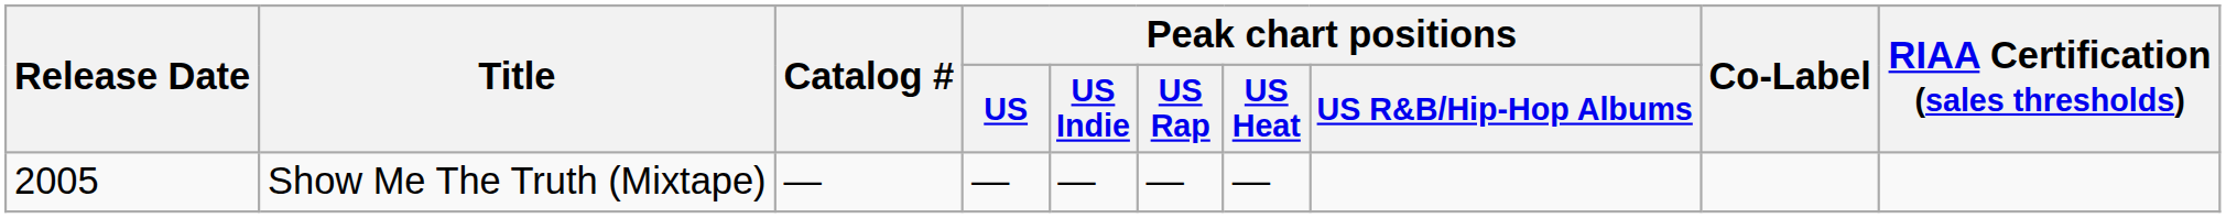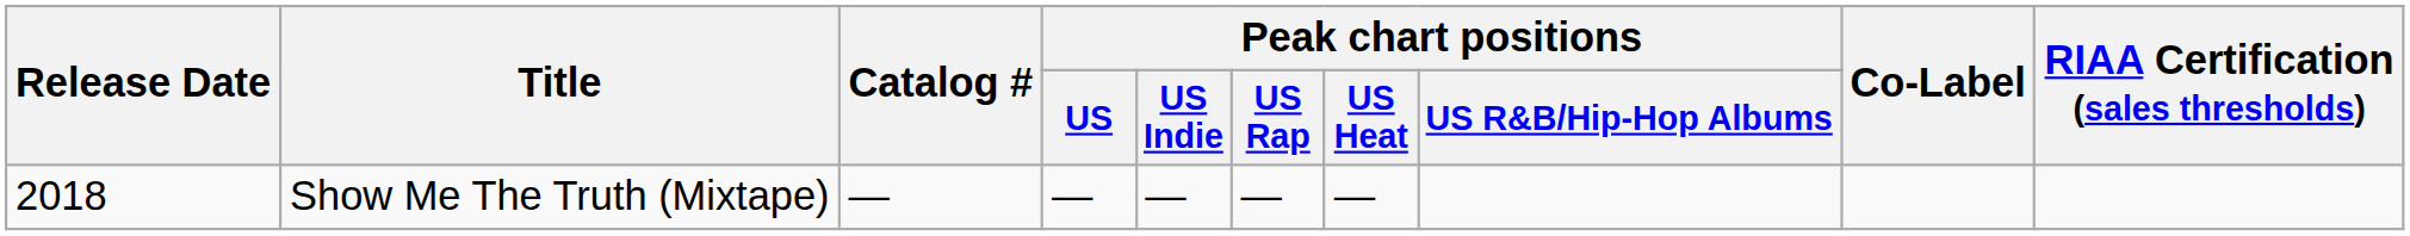 <table class="wikitable">
 <tr>
 <th rowspan="2">Release Date</th>
 <th rowspan="2">Title</th>
 <th rowspan="2">Catalog #</th>
 <th colspan="5">Peak chart positions</th>
 <th rowspan="2">Co-Label</th>
 <th rowspan="2"><a href='#'>RIAA</a> Certification<br><small>(<a href='#'>sales thresholds</a>)</small></th>
 </tr>
 <tr style="font-size:smaller;">
 <th style="width:30px;"><a href='#'>US</a></th>
 <th style="width:30px;"><a href='#'>US Indie</a></th>
 <th style="width:30px;"><a href='#'>US Rap</a></th>
 <th style="width:30px;"><a href='#'>US Heat</a></th>
 <th style="sidth:30px;"><a href='#'>US R&B/Hip-Hop Albums</a></th>
 </tr>
 <tr>
-<td>2005</td>
+<td>2018</td>
 <td>Show Me The Truth (Mixtape)</td>
 <td>—</td>
 <td>—</td>
 <td>—</td>
 <td>—</td>
 <td>—</td>
 <td></td>
 <td></td>
 </tr>
 </table>
